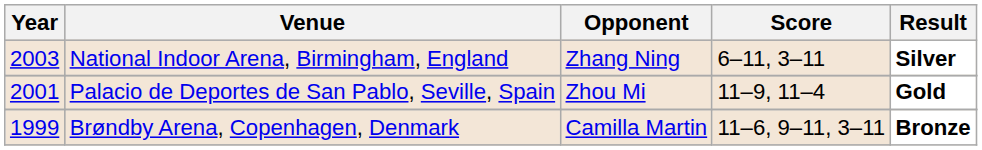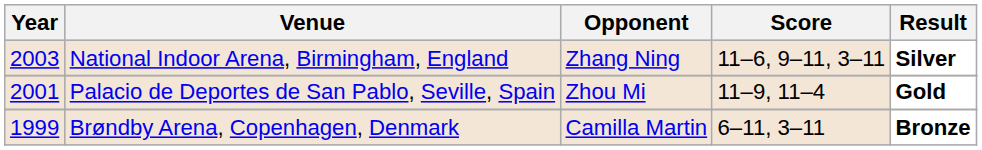 <table class="sortable wikitable" style="font-size: 90%;">
 <tr>
 <th>Year</th>
 <th>Venue</th>
 <th>Opponent</th>
 <th>Score</th>
 <th>Result</th>
 </tr>
 <tr style="background:#F3E6D7">
 <td align="center"><a href='#'>2003</a></td>
 <td align="left"><a href='#'>National Indoor Arena</a>, <a href='#'>Birmingham</a>, <a href='#'>England</a></td>
 <td align="left"> <a href='#'>Zhang Ning</a></td>
-<td align="left">6–11, 3–11</td>
+<td align="left">11–6, 9–11, 3–11</td>
 <td style="text-align:left; background:white"> <strong>Silver</strong></td>
 </tr>
 <tr>
 </tr>
 <tr style="background:#F3E6D7">
 <td align="center"><a href='#'>2001</a></td>
 <td align="left"><a href='#'>Palacio de Deportes de San Pablo</a>, <a href='#'>Seville</a>, <a href='#'>Spain</a></td>
 <td align="left"> <a href='#'>Zhou Mi</a></td>
 <td align="left">11–9, 11–4</td>
 <td style="text-align:left; background:white"> <strong>Gold</strong></td>
 </tr>
 <tr>
 </tr>
 <tr style="background:#F3E6D7">
 <td align="center"><a href='#'>1999</a></td>
 <td align="left"><a href='#'>Brøndby Arena</a>, <a href='#'>Copenhagen</a>, <a href='#'>Denmark</a></td>
 <td align="left"> <a href='#'>Camilla Martin</a></td>
-<td align="left">11–6, 9–11, 3–11</td>
+<td align="left">6–11, 3–11</td>
 <td style="text-align:left; background:white"> <strong>Bronze</strong></td>
 </tr>
 </table>
